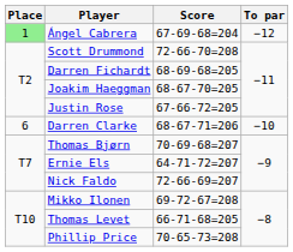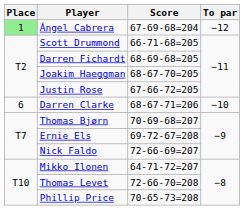 <table class="wikitable">
 <tr>
 <th>Place</th>
 <th>Player</th>
 <th>Score</th>
 <th>To par</th>
 </tr>
 <tr>
 <td align=center style="background: lightgreen;">1</td>
 <td> <a href='#'>Ángel Cabrera</a></td>
 <td align=center>67-69-68=204</td>
 <td align=center>−12</td>
 </tr>
 <tr>
 <td rowspan="4" align=center>T2</td>
 <td> <a href='#'>Scott Drummond</a></td>
-<td align=center>72-66-70=208</td>
+<td align=center>66-71-68=205</td>
 <td rowspan="4" align=center>−11</td>
 </tr>
 <tr>
 <td> <a href='#'>Darren Fichardt</a></td>
 <td align=center>68-69-68=205</td>
 </tr>
 <tr>
 <td> <a href='#'>Joakim Haeggman</a></td>
 <td align=center>68-67-70=205</td>
 </tr>
 <tr>
 <td> <a href='#'>Justin Rose</a></td>
 <td align=center>67-66-72=205</td>
 </tr>
 <tr>
 <td align=center>6</td>
 <td> <a href='#'>Darren Clarke</a></td>
 <td align=center>68-67-71=206</td>
 <td align=center>−10</td>
 </tr>
 <tr>
 <td rowspan="3" align=center>T7</td>
 <td> <a href='#'>Thomas Bjørn</a></td>
 <td align=center>70-69-68=207</td>
 <td rowspan="3" align=center>−9</td>
 </tr>
 <tr>
 <td> <a href='#'>Ernie Els</a></td>
-<td align=center>64-71-72=207</td>
+<td align=center>69-72-67=208</td>
 </tr>
 <tr>
 <td> <a href='#'>Nick Faldo</a></td>
 <td align=center>72-66-69=207</td>
 </tr>
 <tr>
 <td rowspan="3" align=center>T10</td>
 <td> <a href='#'>Mikko Ilonen</a></td>
-<td align=center>69-72-67=208</td>
+<td align=center>64-71-72=207</td>
 <td rowspan="3" align=center>−8</td>
 </tr>
 <tr>
 <td> <a href='#'>Thomas Levet</a></td>
-<td align=center>66-71-68=205</td>
+<td align=center>72-66-70=208</td>
 </tr>
 <tr>
 <td> <a href='#'>Phillip Price</a></td>
 <td align=center>70-65-73=208</td>
 </tr>
 </table>
